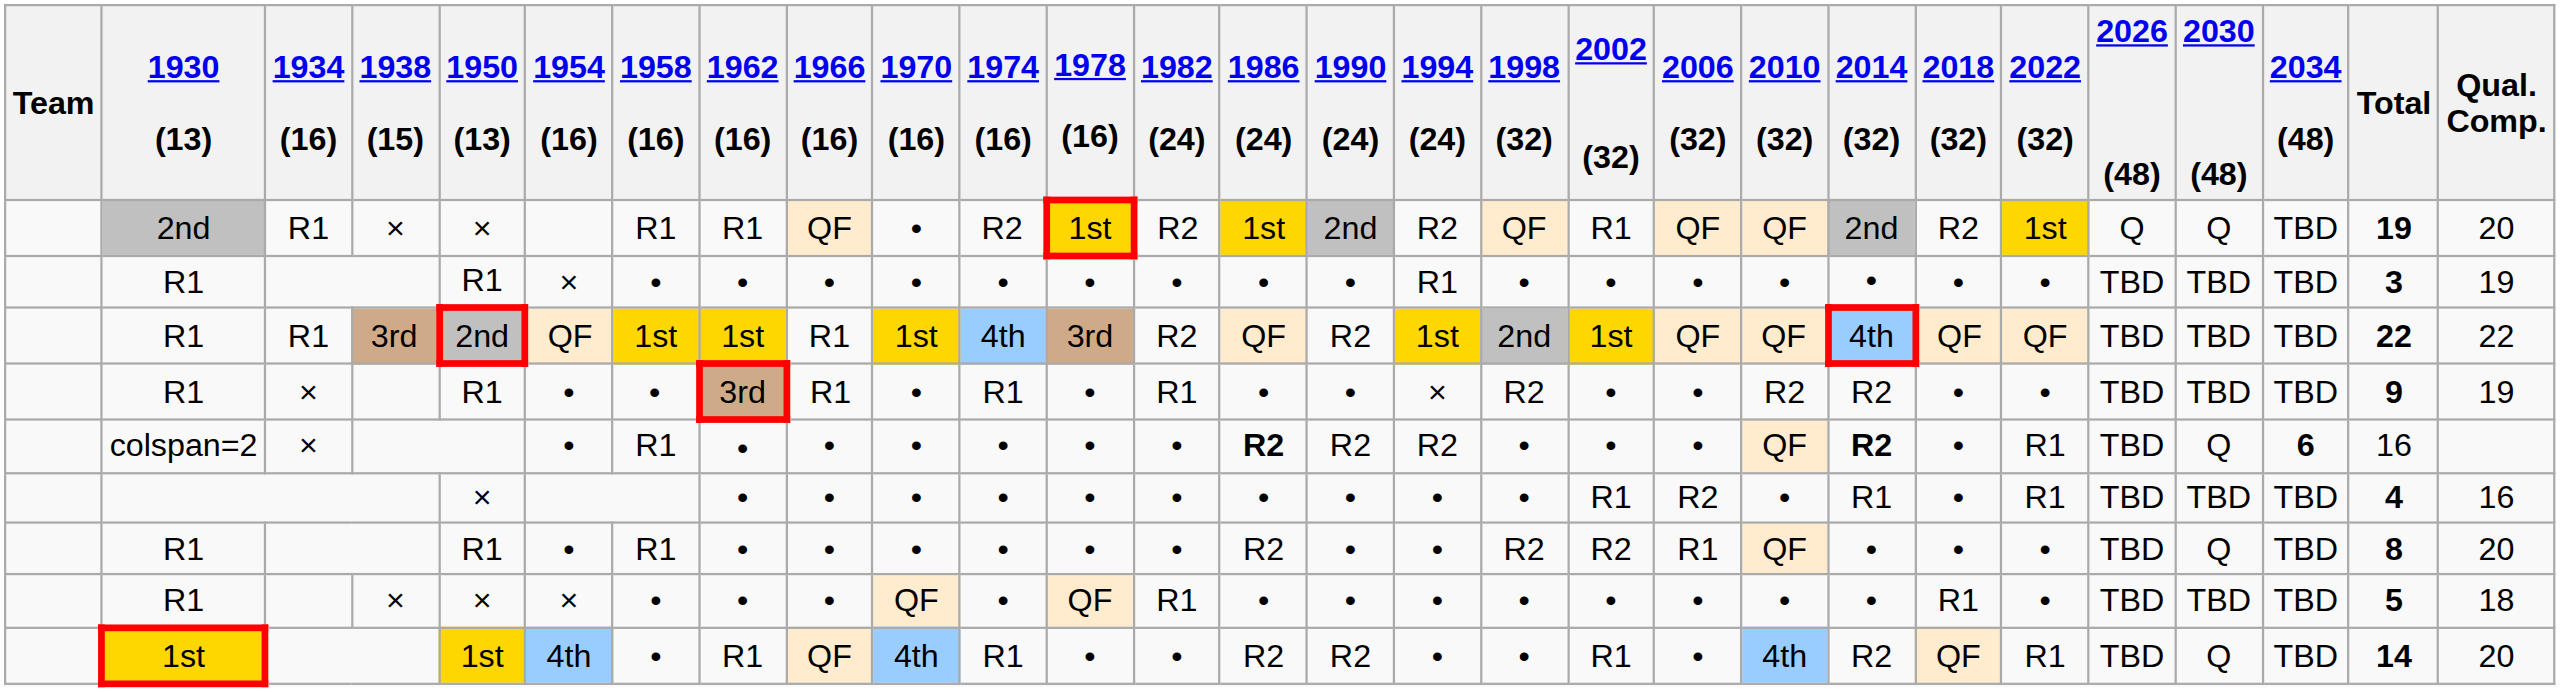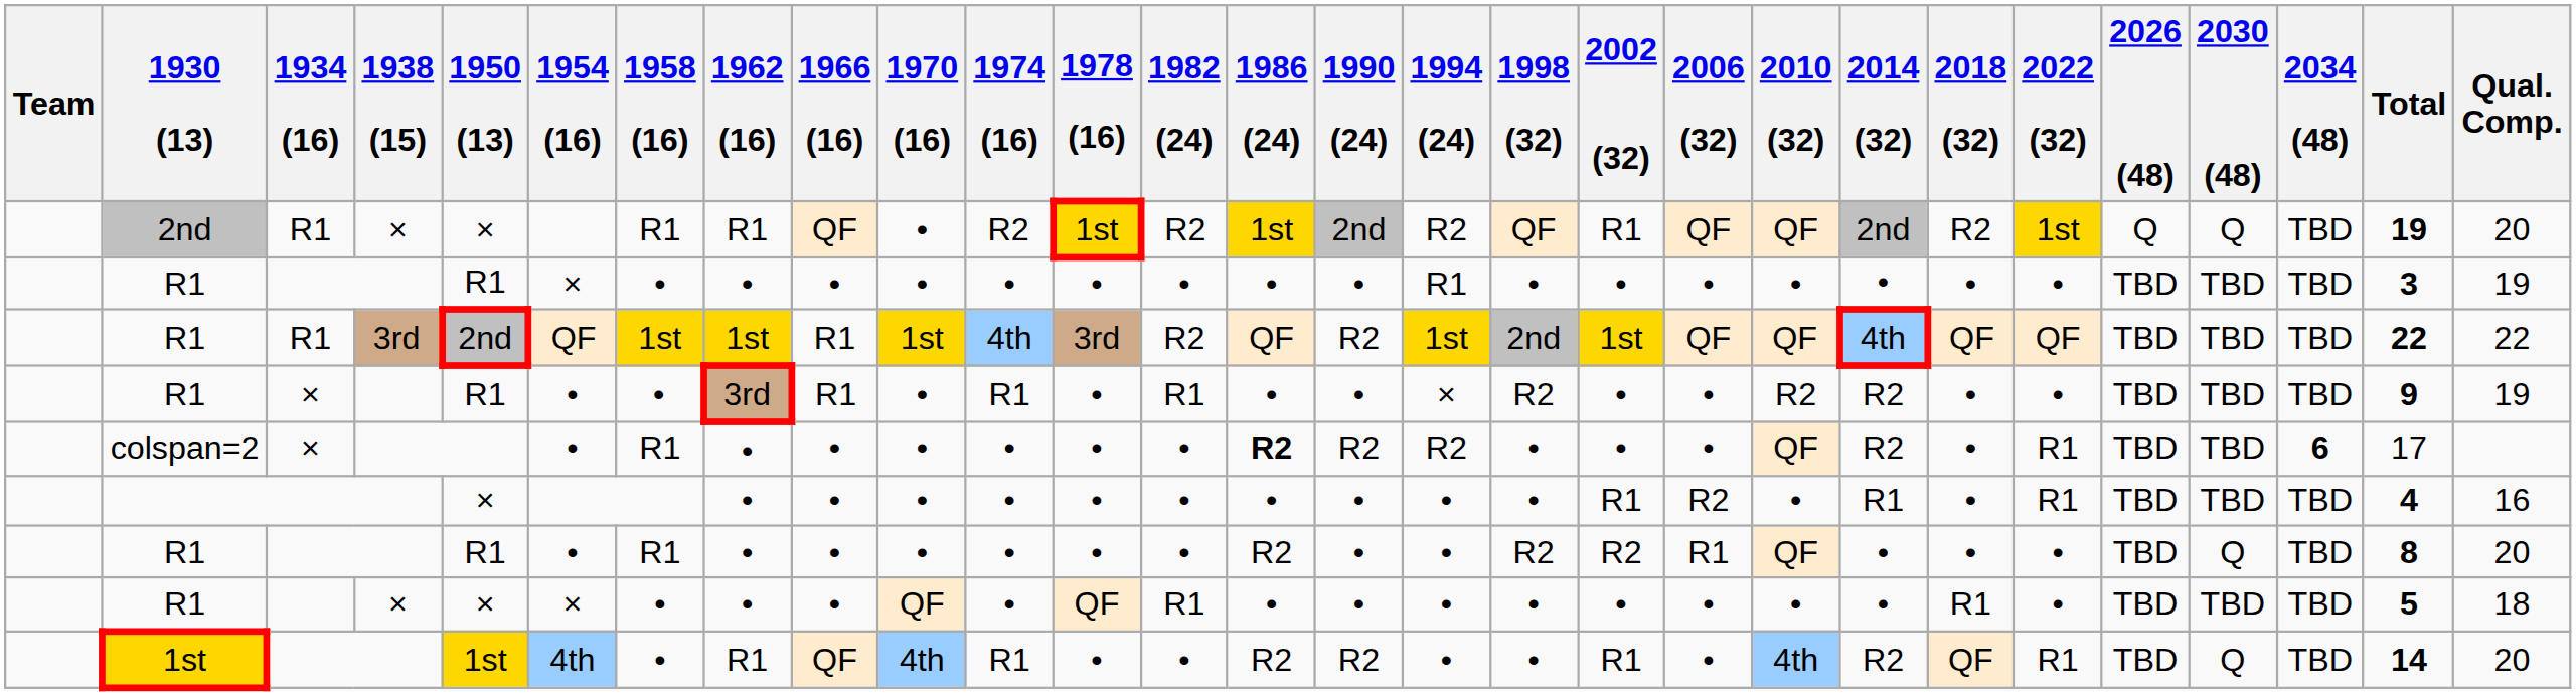 <table class="wikitable" style="text-align: center; font-size:90%;">
 <tr>
 <th>Team</th>
 <th><a href='#'>1930</a><br><br>(13)</th>
 <th><a href='#'>1934</a><br><br>(16)</th>
 <th><a href='#'>1938</a><br><br>(15)</th>
 <th><a href='#'>1950</a><br><br>(13)</th>
 <th><a href='#'>1954</a><br><br>(16)</th>
 <th><a href='#'>1958</a><br><br>(16)</th>
 <th><a href='#'>1962</a><br><br>(16)</th>
 <th><a href='#'>1966</a><br><br>(16)</th>
 <th><a href='#'>1970</a><br><br>(16)</th>
 <th><a href='#'>1974</a><br><br>(16)</th>
 <th><a href='#'>1978</a><br><br>(16)</th>
 <th><a href='#'>1982</a><br><br>(24)</th>
 <th><a href='#'>1986</a><br><br>(24)</th>
 <th><a href='#'>1990</a><br><br>(24)</th>
 <th><a href='#'>1994</a><br><br>(24)</th>
 <th><a href='#'>1998</a><br><br>(32)</th>
 <th><a href='#'>2002</a><br><br><br>(32)</th>
 <th><a href='#'>2006</a><br><br>(32)</th>
 <th><a href='#'>2010</a><br><br>(32)</th>
 <th><a href='#'>2014</a><br><br>(32)</th>
 <th><a href='#'>2018</a><br><br>(32)</th>
 <th><a href='#'>2022</a><br><br>(32)</th>
 <th><a href='#'>2026</a><br><br><br><br>(48)</th>
 <th><a href='#'>2030</a><br><br><br><br>(48)</th>
 <th><a href='#'>2034</a><br><br>(48)</th>
 <th>Total</th>
 <th>Qual.<br>Comp.</th>
 </tr>
 <tr>
 <td align=left></td>
 <td bgcolor="silver">2nd</td>
 <td>R1<br></td>
 <td>×</td>
 <td>×</td>
 <td></td>
 <td>R1<br></td>
 <td>R1<br></td>
 <td bgcolor=#ffebcd>QF<br></td>
 <td>•</td>
 <td>R2<br></td>
 <td bgcolor="gold" style="border:3px solid red">1st</td>
 <td>R2<br></td>
 <td bgcolor="gold">1st</td>
 <td bgcolor="silver">2nd</td>
 <td>R2<br></td>
 <td bgcolor=#ffebcd>QF<br></td>
 <td>R1<br></td>
 <td bgcolor=#ffebcd>QF<br></td>
 <td bgcolor=#ffebcd>QF<br></td>
 <td bgcolor="silver">2nd</td>
 <td>R2<br></td>
 <td bgcolor="gold">1st</td>
 <td>Q</td>
 <td>Q</td>
 <td>TBD</td>
 <td><strong>19</strong></td>
 <td>20</td>
 </tr>
 <tr>
 <td align=left></td>
 <td>R1<br></td>
 <td colspan=2></td>
 <td>R1<br></td>
 <td>×</td>
 <td>•</td>
 <td>•</td>
 <td>•</td>
 <td>•</td>
 <td>•</td>
 <td>•</td>
 <td>•</td>
 <td>•</td>
 <td>•</td>
 <td>R1<br></td>
 <td>•</td>
 <td>•</td>
 <td>•</td>
 <td>•</td>
 <td>•</td>
 <td>•</td>
 <td>•</td>
 <td>TBD</td>
 <td>TBD</td>
 <td>TBD</td>
 <td><strong>3</strong></td>
 <td>19</td>
 </tr>
 <tr>
 <td align=left></td>
 <td>R1<br></td>
 <td>R1<br></td>
 <td bgcolor="#CFAA88">3rd</td>
 <td bgcolor="silver" style="border:3px solid red">2nd</td>
 <td bgcolor=#ffebcd>QF<br></td>
 <td bgcolor="gold">1st</td>
 <td bgcolor="gold">1st</td>
 <td>R1<br></td>
 <td bgcolor="gold">1st</td>
 <td bgcolor=#9acdff>4th</td>
 <td bgcolor="#CFAA88">3rd</td>
 <td>R2<br></td>
 <td bgcolor=#ffebcd>QF<br></td>
 <td>R2<br></td>
 <td bgcolor="gold">1st</td>
 <td bgcolor="silver">2nd</td>
 <td bgcolor="gold">1st</td>
 <td bgcolor=#ffebcd>QF<br></td>
 <td bgcolor=#ffebcd>QF<br></td>
 <td bgcolor=#9acdff style="border:3px solid red">4th</td>
 <td bgcolor=#ffebcd>QF<br></td>
 <td bgcolor=#ffebcd>QF<br></td>
 <td>TBD</td>
 <td>TBD</td>
 <td>TBD</td>
 <td><strong>22</strong></td>
 <td>22</td>
 </tr>
 <tr>
 <td align=left></td>
 <td>R1<br></td>
 <td>×</td>
 <td></td>
 <td>R1<br></td>
 <td>•</td>
 <td>•</td>
 <td bgcolor="#CFAA88" style="border:3px solid red">3rd</td>
 <td>R1<br></td>
 <td>•</td>
 <td>R1<br></td>
 <td>•</td>
 <td>R1<br></td>
 <td>•</td>
 <td>•</td>
 <td>×</td>
 <td>R2<br></td>
 <td>•</td>
 <td>•</td>
 <td>R2<br></td>
 <td>R2<br></td>
 <td>•</td>
 <td>•</td>
 <td>TBD</td>
 <td>TBD</td>
 <td>TBD</td>
 <td><strong>9</strong></td>
 <td>19</td>
 </tr>
 <tr>
 <td align=left></td>
 <td>colspan=2 </td>
 <td>×</td>
 <td colspan=2></td>
 <td>•</td>
 <td>R1<br></td>
 <td>•</td>
 <td>•</td>
 <td>•</td>
 <td>•</td>
 <td>•</td>
 <td>•</td>
 <td><strong>R2<br></strong></td>
 <td>R2<br></td>
 <td>R2<br></td>
 <td>•</td>
 <td>•</td>
 <td>•</td>
 <td bgcolor=#ffebcd>QF<br></td>
-<td><strong>R2<br></strong></td>
+<td>R2<br></td>
 <td>•</td>
 <td>R1<br></td>
 <td>TBD</td>
-<td>Q</td>
+<td>TBD</td>
 <td><strong>6</strong></td>
-<td>16</td>
+<td>17</td>
 </tr>
 <tr>
 <td align=left></td>
 <td colspan=3></td>
 <td>×</td>
 <td colspan=2></td>
 <td>•</td>
 <td>•</td>
 <td>•</td>
 <td>•</td>
 <td>•</td>
 <td>•</td>
 <td>•</td>
 <td>•</td>
 <td>•</td>
 <td>•</td>
 <td>R1<br></td>
 <td>R2<br></td>
 <td>•</td>
 <td>R1<br></td>
 <td>•</td>
 <td>R1<br></td>
 <td>TBD</td>
 <td>TBD</td>
 <td>TBD</td>
 <td><strong>4</strong></td>
 <td>16</td>
 </tr>
 <tr>
 <td align=left></td>
 <td>R1<br></td>
 <td colspan=2></td>
 <td>R1<br></td>
 <td>•</td>
 <td>R1<br></td>
 <td>•</td>
 <td>•</td>
 <td>•</td>
 <td>•</td>
 <td>•</td>
 <td>•</td>
 <td>R2<br></td>
 <td>•</td>
 <td>•</td>
 <td>R2<br></td>
 <td>R2<br></td>
 <td>R1<br></td>
 <td bgcolor=#ffebcd>QF<br></td>
 <td>•</td>
 <td>•</td>
 <td>•</td>
 <td>TBD</td>
 <td>Q</td>
 <td>TBD</td>
 <td><strong>8</strong></td>
 <td>20</td>
 </tr>
 <tr>
 <td align=left></td>
 <td>R1<br></td>
 <td></td>
 <td>×</td>
 <td>×</td>
 <td>×</td>
 <td>•</td>
 <td>•</td>
 <td>•</td>
 <td bgcolor=#ffebcd>QF<br></td>
 <td>•</td>
 <td bgcolor=#ffebcd>QF<br></td>
 <td>R1<br></td>
 <td>•</td>
 <td>•</td>
 <td>•</td>
 <td>•</td>
 <td>•</td>
 <td>•</td>
 <td>•</td>
 <td>•</td>
 <td>R1<br></td>
 <td>•</td>
 <td>TBD</td>
 <td>TBD</td>
 <td>TBD</td>
 <td><strong>5</strong></td>
 <td>18</td>
 </tr>
 <tr>
 <td align=left></td>
 <td bgcolor="gold" style="border:3px solid red">1st</td>
 <td colspan=2></td>
 <td bgcolor="gold">1st</td>
 <td bgcolor=#9acdff>4th</td>
 <td>•</td>
 <td>R1<br></td>
 <td bgcolor=#ffebcd>QF<br></td>
 <td bgcolor=#9acdff>4th</td>
 <td>R1<br></td>
 <td>•</td>
 <td>•</td>
 <td>R2<br></td>
 <td>R2<br></td>
 <td>•</td>
 <td>•</td>
 <td>R1<br></td>
 <td>•</td>
 <td bgcolor=#9acdff>4th</td>
 <td>R2<br></td>
 <td bgcolor=#ffebcd>QF<br></td>
 <td>R1<br></td>
 <td>TBD</td>
 <td>Q</td>
 <td>TBD</td>
 <td><strong>14</strong></td>
 <td>20</td>
 </tr>
 </table>
